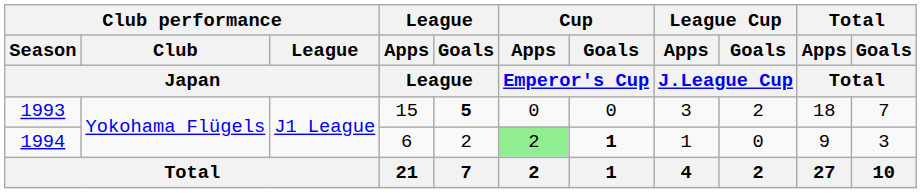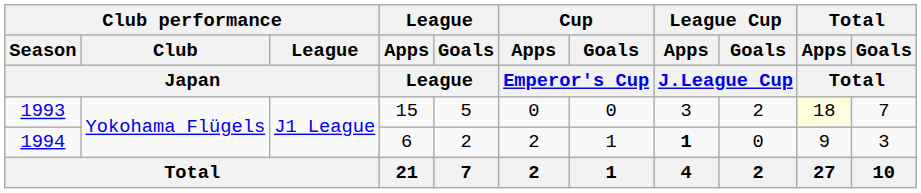 <table class="wikitable" style="text-align:center;">
 <tr>
 <th colspan=3>Club performance</th>
 <th colspan=2>League</th>
 <th colspan=2>Cup</th>
 <th colspan=2>League Cup</th>
 <th colspan=2>Total</th>
 </tr>
 <tr>
 <th>Season</th>
 <th>Club</th>
 <th>League</th>
 <th>Apps</th>
 <th>Goals</th>
 <th>Apps</th>
 <th>Goals</th>
 <th>Apps</th>
 <th>Goals</th>
 <th>Apps</th>
 <th>Goals</th>
 </tr>
 <tr>
 <th colspan=3>Japan</th>
 <th colspan=2>League</th>
 <th colspan=2><a href='#'>Emperor's Cup</a></th>
 <th colspan=2><a href='#'>J.League Cup</a></th>
 <th colspan=2>Total</th>
 </tr>
 <tr>
 <td><a href='#'>1993</a></td>
 <td rowspan="2"><a href='#'>Yokohama Flügels</a></td>
 <td rowspan="2"><a href='#'>J1 League</a></td>
 <td>15</td>
-<td><strong>5</strong></td>
+<td>5</td>
 <td>0</td>
 <td>0</td>
 <td>3</td>
 <td>2</td>
-<td>18</td>
+<td style="background: lightyellow;">18</td>
 <td>7</td>
 </tr>
 <tr>
 <td><a href='#'>1994</a></td>
 <td>6</td>
 <td>2</td>
-<td style="background: lightgreen;">2</td>
+<td>2</td>
+<td>1</td>
 <td><strong>1</strong></td>
-<td>1</td>
 <td>0</td>
 <td>9</td>
 <td>3</td>
 </tr>
 <tr>
 <th colspan=3>Total</th>
 <th>21</th>
 <th>7</th>
 <th>2</th>
 <th>1</th>
 <th>4</th>
 <th>2</th>
 <th>27</th>
 <th>10</th>
 </tr>
 </table>
